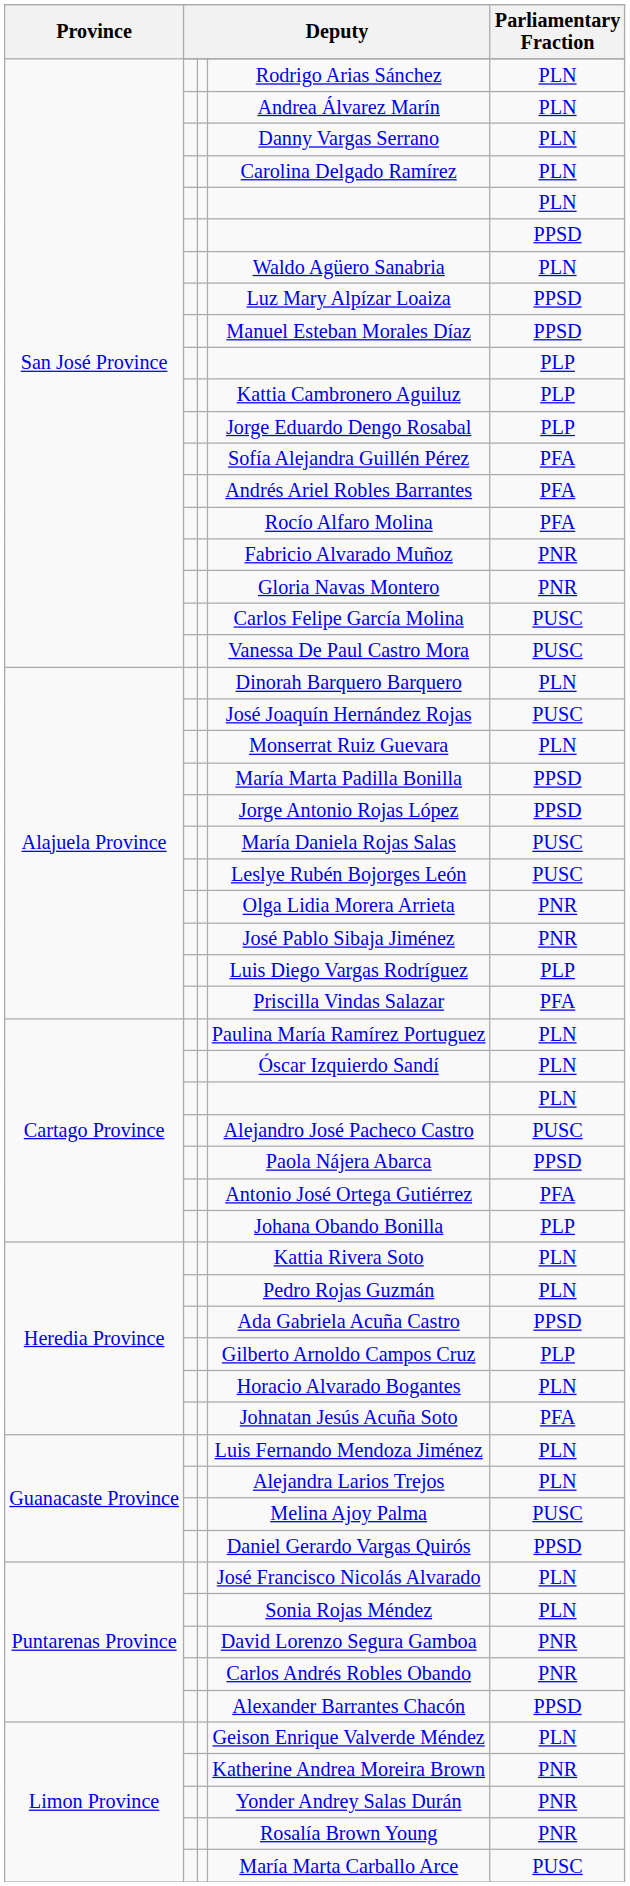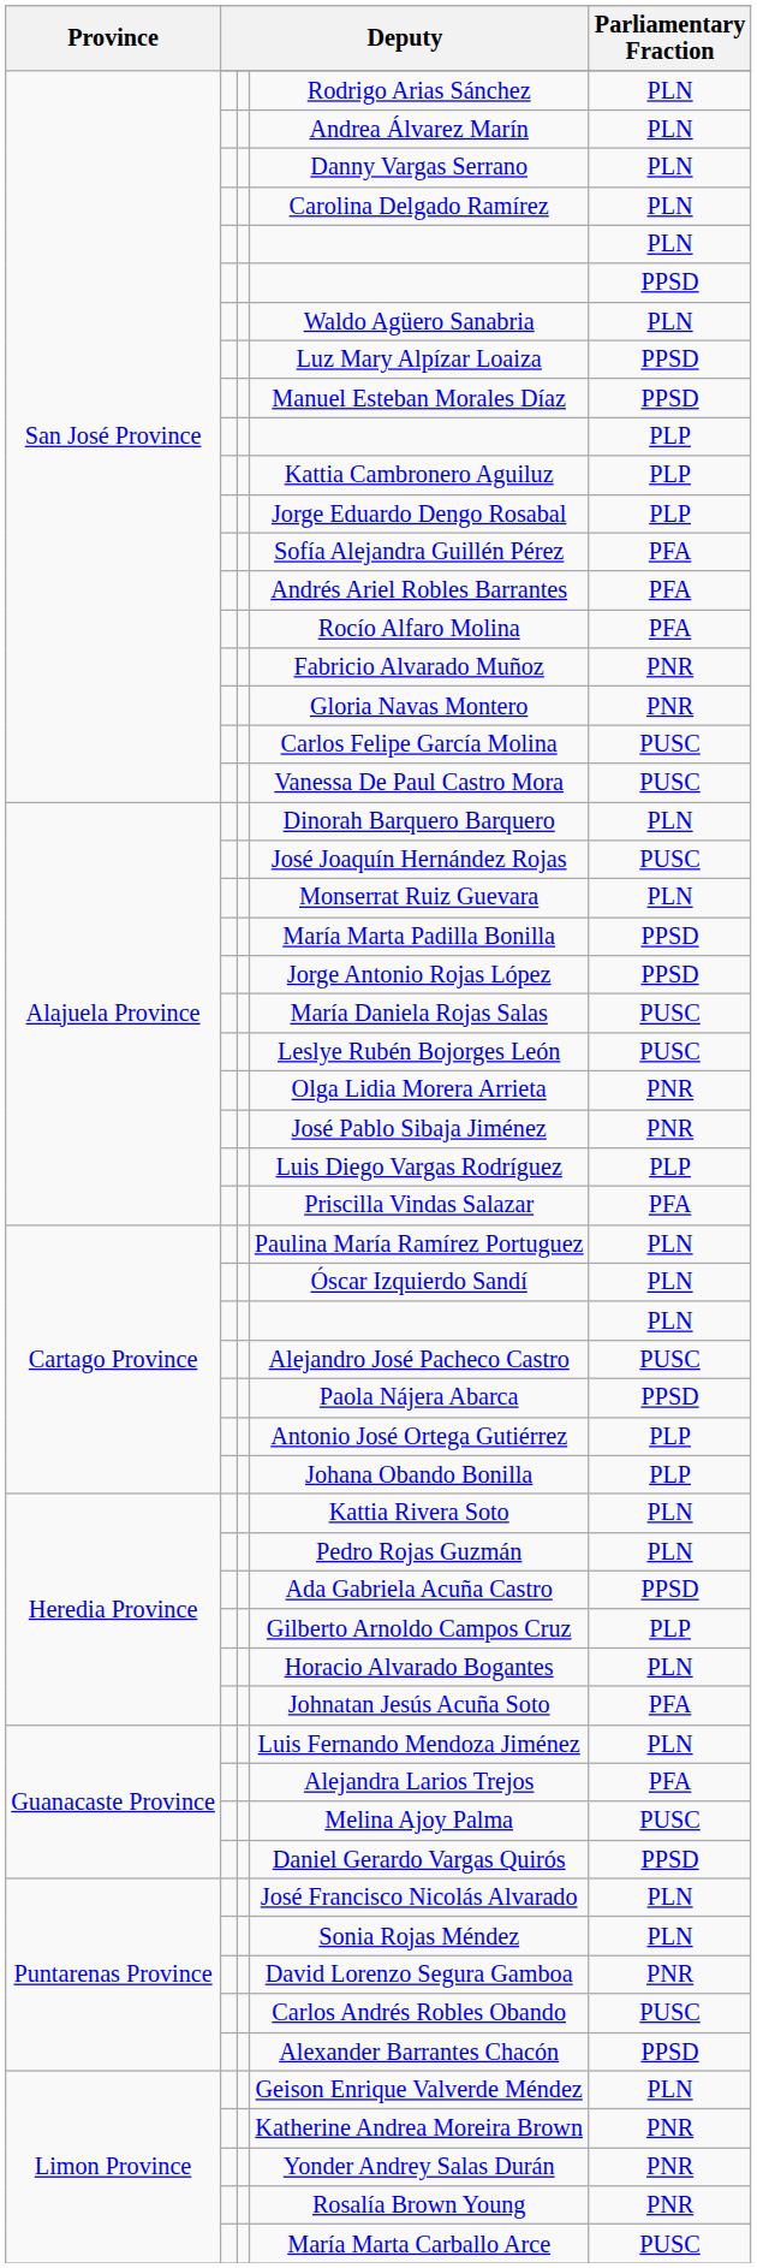 <table class="wikitable">
 <tr align="center" valign="bottom">
 </tr>
 <tr>
 <th height="16">Province</th>
 <th colspan=3>Deputy</th>
 <th>Parliamentary<br>Fraction</th>
 </tr>
 <tr>
 <td rowspan="20"  height="15" align="center"><a href='#'>San José Province</a><br> </td>
 </tr>
 <tr>
 <td style="background-color:"> </td>
 <td align="center"  valign="bottom"></td>
 <td align="center"  valign="bottom"><a href='#'>Rodrigo Arias Sánchez</a></td>
 <td align="center"  valign="bottom"> <a href='#'>PLN</a></td>
 </tr>
 <tr>
 <td style="background-color:"> </td>
 <td align="center"  valign="bottom"></td>
 <td align="center"  valign="bottom"><a href='#'>Andrea Álvarez Marín</a></td>
 <td align="center"  valign="bottom"> <a href='#'>PLN</a></td>
 </tr>
 <tr>
 <td style="background-color:"> </td>
 <td align="center"  valign="bottom"></td>
 <td align="center"  valign="bottom"><a href='#'>Danny Vargas Serrano</a></td>
 <td align="center"  valign="bottom"> <a href='#'>PLN</a></td>
 </tr>
 <tr>
 <td style="background-color:"> </td>
 <td align="center"  valign="bottom"></td>
 <td align="center"  valign="bottom"><a href='#'>Carolina Delgado Ramírez</a></td>
 <td align="center"  valign="bottom"> <a href='#'>PLN</a></td>
 </tr>
 <tr>
 <td style="background-color:"> </td>
 <td align="center"  valign="bottom"></td>
 <td align="center"  valign="bottom"></td>
 <td align="center"  valign="bottom"> <a href='#'>PLN</a></td>
 </tr>
 <tr>
 <td style="background-color:"> </td>
 <td align="center"  valign="bottom"></td>
 <td align="center"  valign="bottom"></td>
 <td align="center"  valign="bottom"> <a href='#'>PPSD</a></td>
 </tr>
 <tr>
 <td style="background-color:"> </td>
 <td align="center"  valign="bottom"></td>
 <td align="center"  valign="bottom"><a href='#'>Waldo Agüero Sanabria</a></td>
 <td align="center"  valign="bottom"> <a href='#'>PLN</a></td>
 </tr>
 <tr>
 <td style="background-color:"> </td>
 <td align="center"  valign="bottom"></td>
 <td align="center"  valign="bottom"><a href='#'>Luz Mary Alpízar Loaiza</a></td>
 <td align="center"  valign="bottom"> <a href='#'>PPSD</a></td>
 </tr>
 <tr>
 <td style="background-color:"> </td>
 <td align="center"  valign="bottom"></td>
 <td align="center"  valign="bottom"><a href='#'>Manuel Esteban Morales Díaz</a></td>
 <td align="center"  valign="center"> <a href='#'>PPSD</a></td>
 </tr>
 <tr>
 <td style="background-color:"> </td>
 <td align="center"  valign="bottom"></td>
 <td align="center"  valign="bottom"></td>
 <td align="center"  valign="center"> <a href='#'>PLP</a></td>
 </tr>
 <tr>
 <td style="background-color:"> </td>
 <td align="center"  valign="bottom"></td>
 <td align="center"  valign="bottom"><a href='#'>Kattia Cambronero Aguiluz</a></td>
 <td align="center"  valign="bottom"> <a href='#'>PLP</a></td>
 </tr>
 <tr>
 <td style="background-color:"> </td>
 <td align="center"  valign="bottom"></td>
 <td align="center"  valign="bottom"><a href='#'>Jorge Eduardo Dengo Rosabal</a></td>
 <td align="center"  valign="bottom"> <a href='#'>PLP</a></td>
 </tr>
 <tr>
 <td style="background-color:"> </td>
 <td align="center"  valign="bottom"></td>
 <td align="center"  valign="bottom"><a href='#'>Sofía Alejandra Guillén Pérez</a></td>
 <td align="center"  valign="bottom"> <a href='#'>PFA</a></td>
 </tr>
 <tr>
 <td style="background-color:"> </td>
 <td align="center"  valign="bottom"></td>
 <td align="center"  valign="bottom"><a href='#'>Andrés Ariel Robles Barrantes</a></td>
 <td align="center"  valign="bottom"> <a href='#'>PFA</a></td>
 </tr>
 <tr>
 <td style="background-color:"> </td>
 <td align="center"  valign="bottom"></td>
 <td align="center"  valign="bottom"><a href='#'>Rocío Alfaro Molina</a></td>
 <td align="center"  valign="bottom"> <a href='#'>PFA</a></td>
 </tr>
 <tr>
 <td style="background-color:"> </td>
 <td align="center"  valign="bottom"></td>
 <td align="center"  valign="bottom"><a href='#'>Fabricio Alvarado Muñoz</a></td>
 <td align="center"  valign="bottom">  <a href='#'>PNR</a></td>
 </tr>
 <tr>
 <td style="background-color:"> </td>
 <td align="center"  valign="bottom"></td>
 <td align="center"  valign="bottom"><a href='#'>Gloria Navas Montero</a></td>
 <td align="center"  valign="bottom">  <a href='#'>PNR</a></td>
 </tr>
 <tr>
 <td style="background-color:"> </td>
 <td align="center"  valign="bottom"></td>
 <td align="center"  valign="bottom"><a href='#'>Carlos Felipe García Molina</a></td>
 <td align="center"  valign="bottom"> <a href='#'>PUSC</a></td>
 </tr>
 <tr>
 <td style="background-color:"> </td>
 <td align="center"  valign="bottom"></td>
 <td align="center"  valign="bottom"><a href='#'>Vanessa De Paul Castro Mora</a></td>
 <td align="center"  valign="bottom"> <a href='#'>PUSC</a></td>
 </tr>
 <tr>
 <td rowspan="11"  height="15" align="center"><a href='#'>Alajuela Province</a><br></td>
 <td style="background-color:"> </td>
 <td align="center"  valign="bottom"></td>
 <td align="center"  valign="bottom"><a href='#'>Dinorah Barquero Barquero</a></td>
 <td align="center"  valign="bottom"> <a href='#'>PLN</a></td>
 </tr>
 <tr>
 <td style="background-color:"> </td>
 <td align="center"  valign="bottom"></td>
 <td align="center"  valign="bottom"><a href='#'>José Joaquín Hernández Rojas</a></td>
 <td align="center"  valign="bottom"> <a href='#'>PUSC</a></td>
 </tr>
 <tr>
 <td style="background-color:"> </td>
 <td align="center"  valign="bottom"></td>
 <td align="center"  valign="bottom"><a href='#'>Monserrat Ruiz Guevara</a></td>
 <td align="center"  valign="bottom"> <a href='#'>PLN</a></td>
 </tr>
 <tr>
 <td style="background-color:"> </td>
 <td align="center"  valign="bottom"></td>
 <td align="center"  valign="bottom"><a href='#'>María Marta Padilla Bonilla</a></td>
 <td align="center"  valign="bottom"> <a href='#'>PPSD</a></td>
 </tr>
 <tr>
 <td style="background-color:"> </td>
 <td align="center"  valign="bottom"></td>
 <td align="center"  valign="bottom"><a href='#'>Jorge Antonio Rojas López</a></td>
 <td align="center"  valign="bottom"> <a href='#'>PPSD</a></td>
 </tr>
 <tr>
 <td style="background-color:"> </td>
 <td align="center"  valign="bottom"></td>
 <td align="center"  valign="bottom"><a href='#'>María Daniela Rojas Salas</a></td>
 <td align="center"  valign="bottom"> <a href='#'>PUSC</a></td>
 </tr>
 <tr>
 <td style="background-color:"> </td>
 <td align="center"  valign="bottom"></td>
 <td align="center"  valign="bottom"><a href='#'>Leslye Rubén Bojorges León</a></td>
 <td align="center"  valign="bottom"> <a href='#'>PUSC</a></td>
 </tr>
 <tr>
 <td style="background-color:"> </td>
 <td align="center"  valign="bottom"></td>
 <td align="center"  valign="bottom"><a href='#'>Olga Lidia Morera Arrieta</a></td>
 <td align="center"  valign="bottom">  <a href='#'>PNR</a></td>
 </tr>
 <tr>
 <td style="background-color:"> </td>
 <td align="center"  valign="bottom"></td>
 <td align="center"  valign="bottom"><a href='#'>José Pablo Sibaja Jiménez</a></td>
 <td align="center"  valign="bottom">  <a href='#'>PNR</a></td>
 </tr>
 <tr>
 <td style="background-color:"> </td>
 <td align="center"  valign="bottom"></td>
 <td align="center"  valign="bottom"><a href='#'>Luis Diego Vargas Rodríguez</a></td>
 <td align="center"  valign="bottom"> <a href='#'>PLP</a></td>
 </tr>
 <tr>
 <td style="background-color:"> </td>
 <td align="center"  valign="bottom"></td>
 <td align="center"  valign="bottom"><a href='#'>Priscilla Vindas Salazar</a></td>
 <td align="center"  valign="bottom"> <a href='#'>PFA</a></td>
 </tr>
 <tr>
 <td rowspan="7"  height="15" align="center"><a href='#'>Cartago Province</a><br> </td>
 <td style="background-color:"> </td>
 <td align="center"  valign="bottom"></td>
 <td align="center"  valign="bottom"><a href='#'>Paulina María Ramírez Portuguez</a></td>
 <td align="center"  valign="bottom"> <a href='#'>PLN</a></td>
 </tr>
 <tr>
 <td style="background-color:"> </td>
 <td align="center"  valign="bottom"></td>
 <td align="center"  valign="bottom"><a href='#'>Óscar Izquierdo Sandí</a></td>
 <td align="center"  valign="bottom"> <a href='#'>PLN</a></td>
 </tr>
 <tr>
 <td style="background-color:"> </td>
 <td align="center"  valign="bottom"></td>
 <td align="center"  valign="bottom"></td>
 <td align="center"  valign="bottom"> <a href='#'>PLN</a></td>
 </tr>
 <tr>
 <td style="background-color:"> </td>
 <td align="center"  valign="bottom"></td>
 <td align="center"  valign="bottom"><a href='#'>Alejandro José Pacheco Castro</a></td>
 <td align="center"  valign="bottom"> <a href='#'>PUSC</a></td>
 </tr>
 <tr>
 <td style="background-color:"> </td>
 <td align="center"  valign="bottom"></td>
 <td align="center"  valign="bottom"><a href='#'>Paola Nájera Abarca</a></td>
 <td align="center"  valign="bottom"> <a href='#'>PPSD</a></td>
 </tr>
 <tr>
 <td style="background-color:"> </td>
 <td align="center"  valign="bottom"></td>
 <td align="center"  valign="bottom"><a href='#'>Antonio José Ortega Gutiérrez</a></td>
-<td align="center"  valign="bottom"> <a href='#'>PFA</a></td>
+<td align="center"  valign="bottom"> <a href='#'>PLP</a></td>
 </tr>
 <tr>
 <td style="background-color:"> </td>
 <td align="center"  valign="bottom"></td>
 <td align="center"  valign="bottom"><a href='#'>Johana Obando Bonilla</a></td>
 <td align="center"  valign="bottom"> <a href='#'>PLP</a></td>
 </tr>
 <tr>
 <td rowspan="6"  height="15" align="center"><a href='#'>Heredia Province</a><br></td>
 <td style="background-color:"> </td>
 <td align="center"  valign="bottom"></td>
 <td align="center"  valign="bottom"><a href='#'>Kattia Rivera Soto</a></td>
 <td align="center"  valign="bottom"> <a href='#'>PLN</a></td>
 </tr>
 <tr>
 <td style="background-color:"> </td>
 <td align="center"  valign="bottom"></td>
 <td align="center"  valign="bottom"><a href='#'>Pedro Rojas Guzmán</a></td>
 <td align="center"  valign="bottom"> <a href='#'>PLN</a></td>
 </tr>
 <tr>
 <td style="background-color:"> </td>
 <td align="center"  valign="bottom"></td>
 <td align="center"  valign="bottom"><a href='#'>Ada Gabriela Acuña Castro</a></td>
 <td align="center"  valign="bottom"> <a href='#'>PPSD</a></td>
 </tr>
 <tr>
 <td style="background-color:"> </td>
 <td align="center"  valign="bottom"></td>
 <td align="center"  valign="bottom"><a href='#'>Gilberto Arnoldo Campos Cruz</a></td>
 <td align="center"  valign="bottom"> <a href='#'>PLP</a></td>
 </tr>
 <tr>
 <td style="background-color:"> </td>
 <td align="center"  valign="bottom"></td>
 <td align="center"  valign="bottom"><a href='#'>Horacio Alvarado Bogantes</a></td>
 <td align="center"  valign="bottom"> <a href='#'>PLN</a></td>
 </tr>
 <tr>
 <td style="background-color:"> </td>
 <td align="center"  valign="bottom"></td>
 <td align="center"  valign="bottom"><a href='#'>Johnatan Jesús Acuña Soto</a></td>
 <td align="center"  valign="bottom"> <a href='#'>PFA</a></td>
 </tr>
 <tr>
 <td rowspan="4"  height="15" align="center"><a href='#'>Guanacaste Province</a><br></td>
 <td style="background-color:"> </td>
 <td align="center"  valign="bottom"></td>
 <td align="center"  valign="bottom"><a href='#'>Luis Fernando Mendoza Jiménez</a></td>
 <td align="center"  valign="bottom"> <a href='#'>PLN</a></td>
 </tr>
 <tr>
 <td style="background-color:"> </td>
 <td align="center"  valign="bottom"></td>
 <td align="center"  valign="bottom"><a href='#'>Alejandra Larios Trejos</a></td>
-<td align="center"  valign="bottom"> <a href='#'>PLN</a></td>
+<td align="center"  valign="bottom"> <a href='#'>PFA</a></td>
 </tr>
 <tr>
 <td style="background-color:"> </td>
 <td align="center"  valign="bottom"></td>
 <td align="center"  valign="bottom"><a href='#'>Melina Ajoy Palma</a></td>
 <td align="center"  valign="bottom"> <a href='#'>PUSC</a></td>
 </tr>
 <tr>
 <td style="background-color:"> </td>
 <td align="center"  valign="bottom"></td>
 <td align="center"  valign="bottom"><a href='#'>Daniel Gerardo Vargas Quirós</a></td>
 <td align="center"  valign="bottom"> <a href='#'>PPSD</a></td>
 </tr>
 <tr>
 <td rowspan="5"  height="15" align="center"><a href='#'>Puntarenas Province</a><br></td>
 <td style="background-color:"> </td>
 <td align="center"  valign="bottom"></td>
 <td align="center"  valign="bottom"><a href='#'>José Francisco Nicolás Alvarado</a></td>
 <td align="center"  valign="bottom"> <a href='#'>PLN</a></td>
 </tr>
 <tr>
 <td style="background-color:"> </td>
 <td align="center"  valign="bottom"></td>
 <td align="center"  valign="bottom"><a href='#'>Sonia Rojas Méndez</a></td>
 <td align="center"  valign="bottom"> <a href='#'>PLN</a></td>
 </tr>
 <tr>
 <td style="background-color:"> </td>
 <td align="center"  valign="bottom"></td>
 <td align="center"  valign="bottom"><a href='#'>David Lorenzo Segura Gamboa</a></td>
 <td align="center"  valign="bottom">  <a href='#'>PNR</a></td>
 </tr>
 <tr>
 <td style="background-color:"> </td>
 <td align="center"  valign="bottom"></td>
 <td align="center"  valign="bottom"><a href='#'>Carlos Andrés Robles Obando</a></td>
-<td align="center"  valign="bottom">  <a href='#'>PNR</a></td>
+<td align="center"  valign="bottom"> <a href='#'>PUSC</a></td>
 </tr>
 <tr>
 <td style="background-color:"> </td>
 <td align="center"  valign="bottom"></td>
 <td align="center"  valign="bottom"><a href='#'>Alexander Barrantes Chacón</a></td>
 <td align="center"  valign="bottom"> <a href='#'>PPSD</a></td>
 </tr>
 <tr>
 <td rowspan="5"  height="15" align="center"><a href='#'>Limon Province</a><br></td>
 <td style="background-color:"> </td>
 <td align="center"  valign="bottom"></td>
 <td align="center"  valign="bottom"><a href='#'>Geison Enrique Valverde Méndez</a></td>
 <td align="center"  valign="bottom"> <a href='#'>PLN</a></td>
 </tr>
 <tr>
 <td style="background-color:"> </td>
 <td align="center"  valign="bottom"></td>
 <td align="center"  valign="bottom"><a href='#'>Katherine Andrea Moreira Brown</a></td>
 <td align="center"  valign="bottom">  <a href='#'>PNR</a></td>
 </tr>
 <tr>
 <td style="background-color:"> </td>
 <td align="center"  valign="bottom"></td>
 <td align="center"  valign="bottom"><a href='#'>Yonder Andrey Salas Durán</a></td>
 <td align="center"  valign="bottom">  <a href='#'>PNR</a></td>
 </tr>
 <tr>
 <td style="background-color:"> </td>
 <td align="center"  valign="bottom"></td>
 <td align="center"  valign="bottom"><a href='#'>Rosalía Brown Young</a></td>
 <td align="center"  valign="bottom">  <a href='#'>PNR</a></td>
 </tr>
 <tr>
 <td style="background-color:"> </td>
 <td align="center"  valign="bottom"></td>
 <td align="center"  valign="bottom"><a href='#'>María Marta Carballo Arce</a></td>
 <td align="center"  valign="bottom"> <a href='#'>PUSC</a></td>
 </tr>
 </table>
